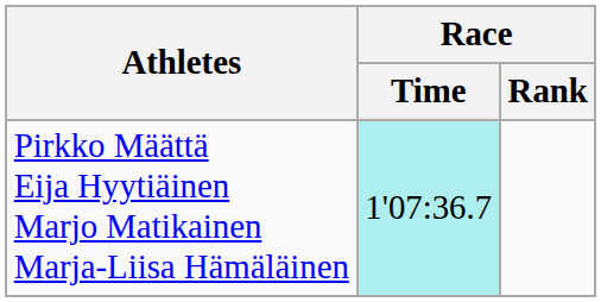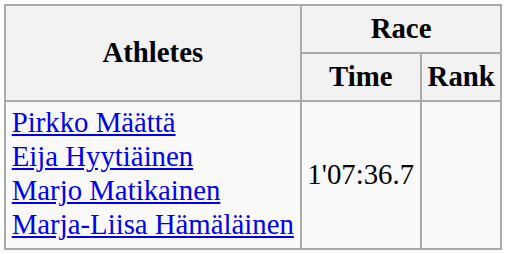 <table class="wikitable" border="1" style="font-size:90%">
 <tr>
 <th rowspan=2>Athletes</th>
 <th colspan=2>Race</th>
 </tr>
 <tr>
 <th>Time</th>
 <th>Rank</th>
 </tr>
 <tr>
 <td><a href='#'>Pirkko Määttä</a><br><a href='#'>Eija Hyytiäinen</a><br><a href='#'>Marjo Matikainen</a><br><a href='#'>Marja-Liisa Hämäläinen</a></td>
-<td align=center style="background: paleturquoise;">1'07:36.7</td>
+<td align=center>1'07:36.7</td>
 <td align=center></td>
 </tr>
 </table>
